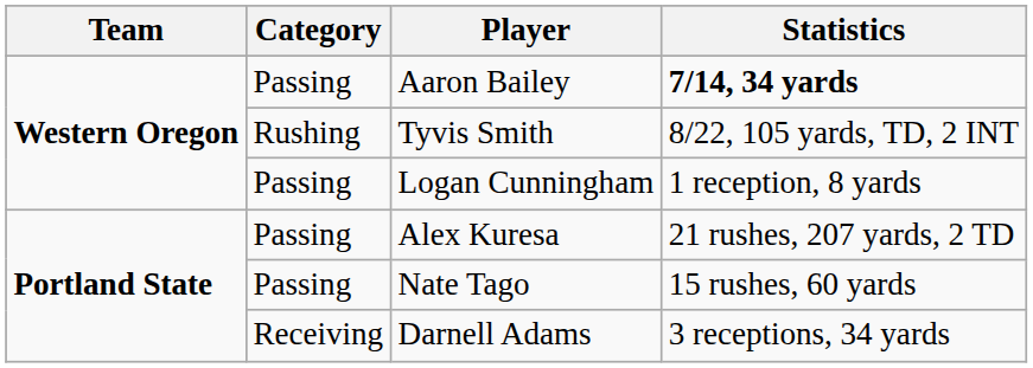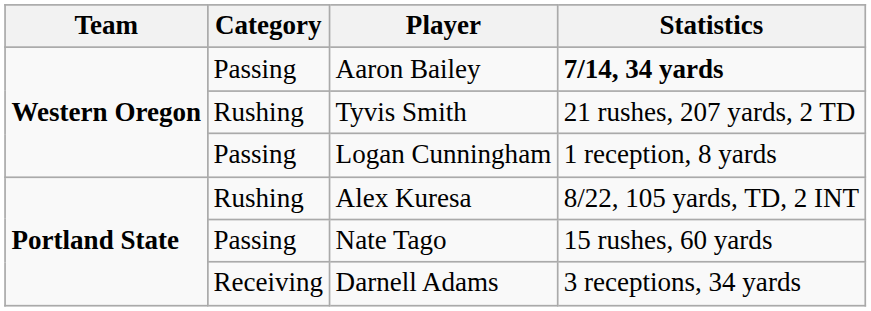 <table class="wikitable" style="float: right;">
 <tr>
 <th>Team</th>
 <th>Category</th>
 <th>Player</th>
 <th>Statistics</th>
 </tr>
 <tr>
 <td rowspan=3><strong>Western Oregon</strong></td>
 <td>Passing</td>
 <td>Aaron Bailey</td>
 <td><strong>7/14, 34 yards</strong></td>
 </tr>
 <tr>
 <td>Rushing</td>
 <td>Tyvis Smith</td>
-<td>8/22, 105 yards, TD, 2 INT</td>
+<td>21 rushes, 207 yards, 2 TD</td>
 </tr>
 <tr>
 <td>Passing</td>
 <td>Logan Cunningham</td>
 <td>1 reception, 8 yards</td>
 </tr>
 <tr>
 <td rowspan=3><strong>Portland State</strong></td>
-<td>Passing</td>
+<td>Rushing</td>
 <td>Alex Kuresa</td>
-<td>21 rushes, 207 yards, 2 TD</td>
+<td>8/22, 105 yards, TD, 2 INT</td>
 </tr>
 <tr>
 <td>Passing</td>
 <td>Nate Tago</td>
 <td>15 rushes, 60 yards</td>
 </tr>
 <tr>
 <td>Receiving</td>
 <td>Darnell Adams</td>
 <td>3 receptions, 34 yards</td>
 </tr>
 </table>
